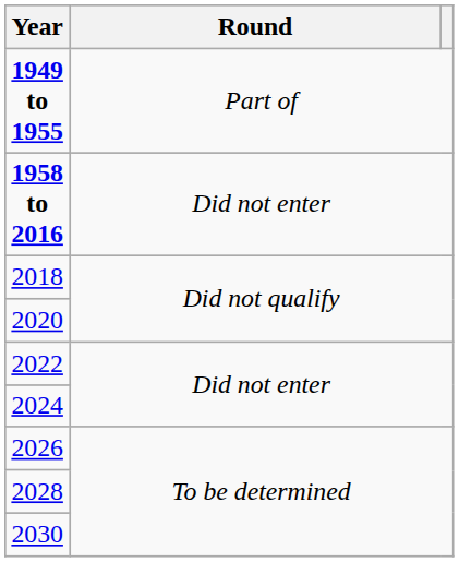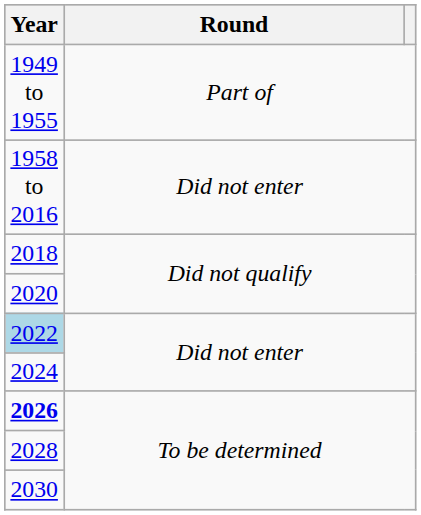 <table class="wikitable" style="text-align: center; font-size:90%">
 <tr>
 <th>Year</th>
 <th style="width:200px">Round</th>
 <th></th>
 </tr>
 <tr>
-<td><strong><a href='#'>1949</a><br>to<br><a href='#'>1955</a></strong></td>
+<td><a href='#'>1949</a><br>to<br><a href='#'>1955</a></td>
 <td colspan="2"><em>Part of </em></td>
 </tr>
 <tr>
-<td><strong><a href='#'>1958</a><br>to<br><a href='#'>2016</a></strong></td>
+<td><a href='#'>1958</a><br>to<br><a href='#'>2016</a></td>
 <td colspan="2"><em>Did not enter</em></td>
 </tr>
 <tr>
 <td><a href='#'>2018</a></td>
 <td colspan="2" rowspan="2"><em>Did not qualify</em></td>
 </tr>
 <tr>
 <td><a href='#'>2020</a></td>
 </tr>
 <tr>
-<td><a href='#'>2022</a></td>
+<td style="background: lightblue;"><a href='#'>2022</a></td>
 <td colspan="2" rowspan="2"><em>Did not enter</em></td>
 </tr>
 <tr>
 <td><a href='#'>2024</a></td>
 </tr>
 <tr>
-<td><a href='#'>2026</a></td>
+<td><strong><a href='#'>2026</a></strong></td>
 <td colspan="2" rowspan="3"><em>To be determined</em></td>
 </tr>
 <tr>
 <td><a href='#'>2028</a></td>
 </tr>
 <tr>
 <td><a href='#'>2030</a></td>
 </tr>
 </table>
